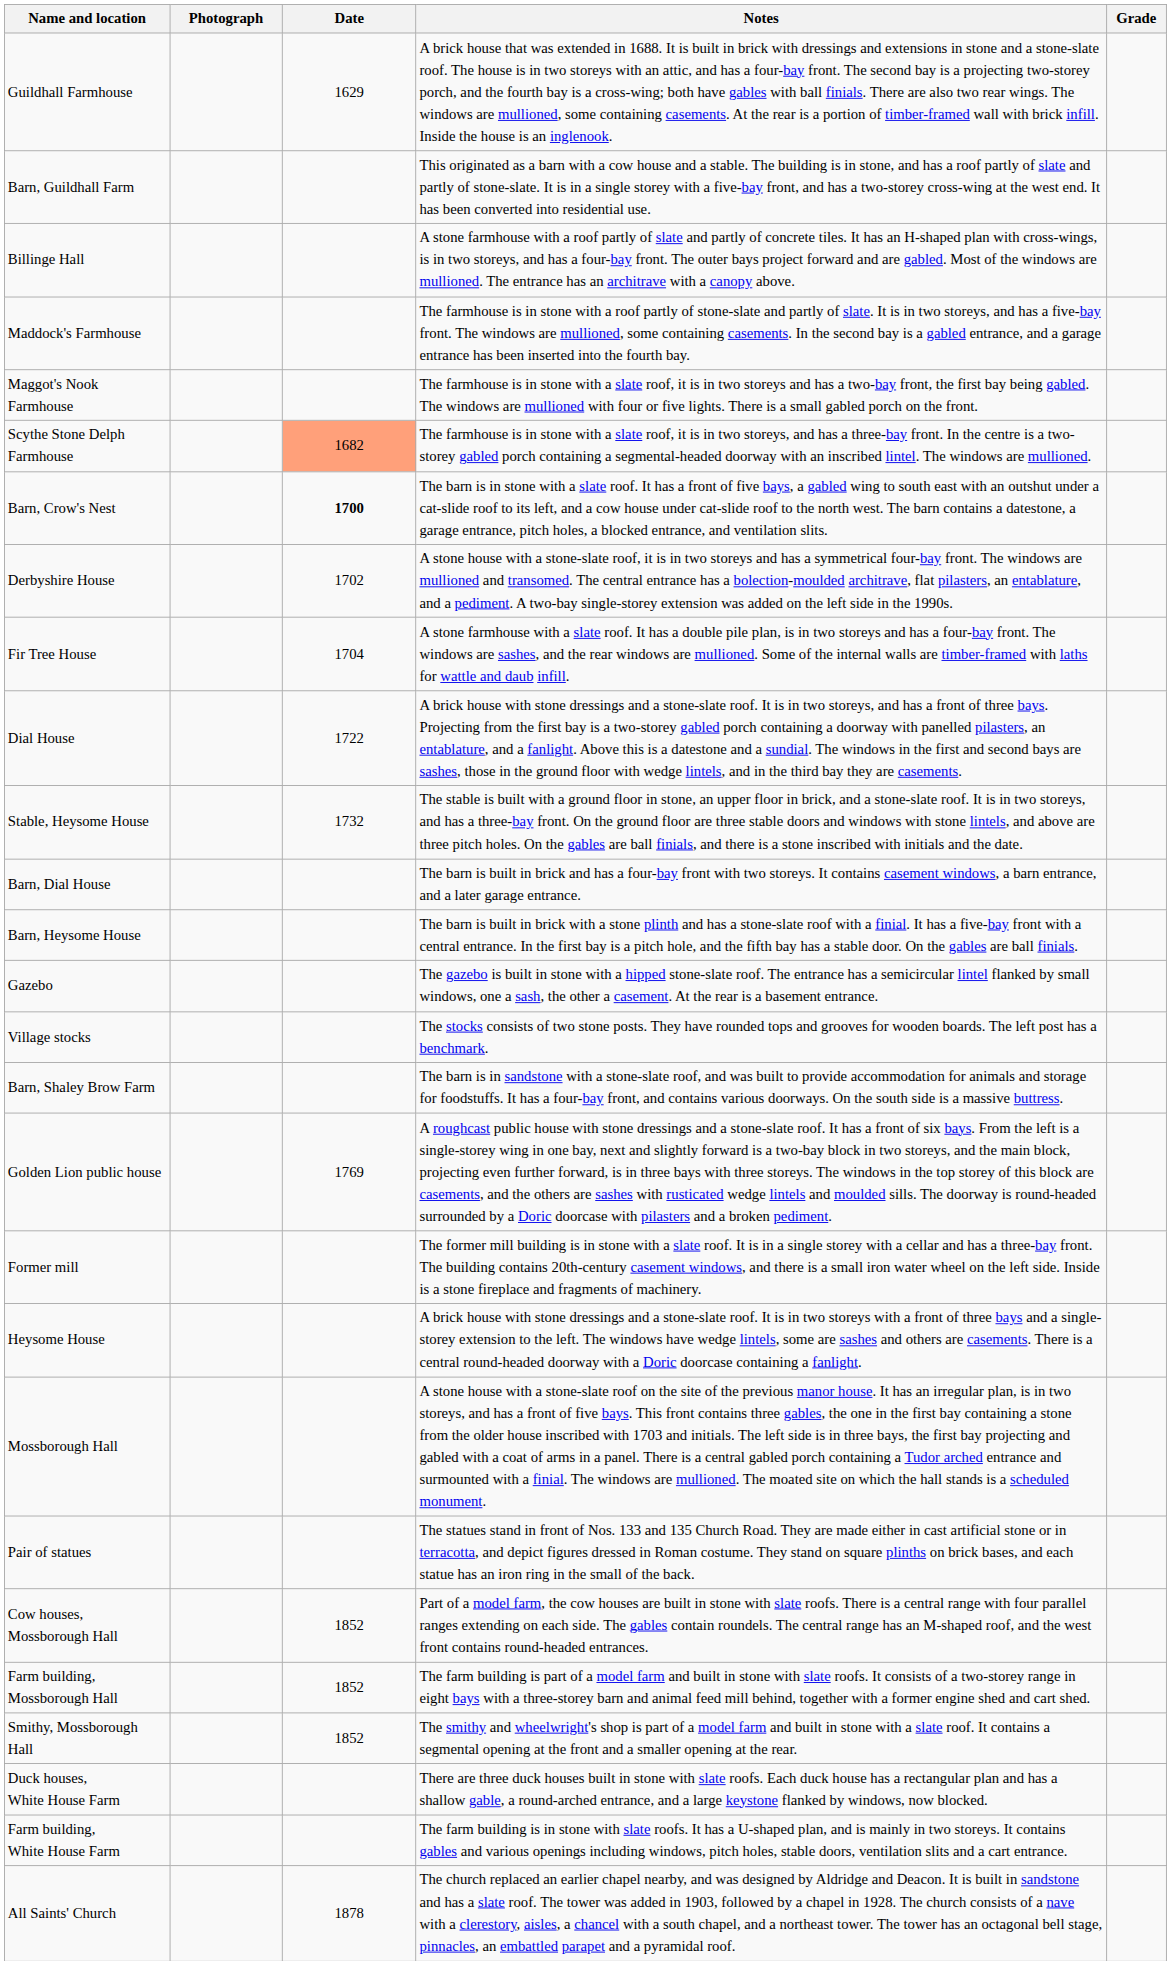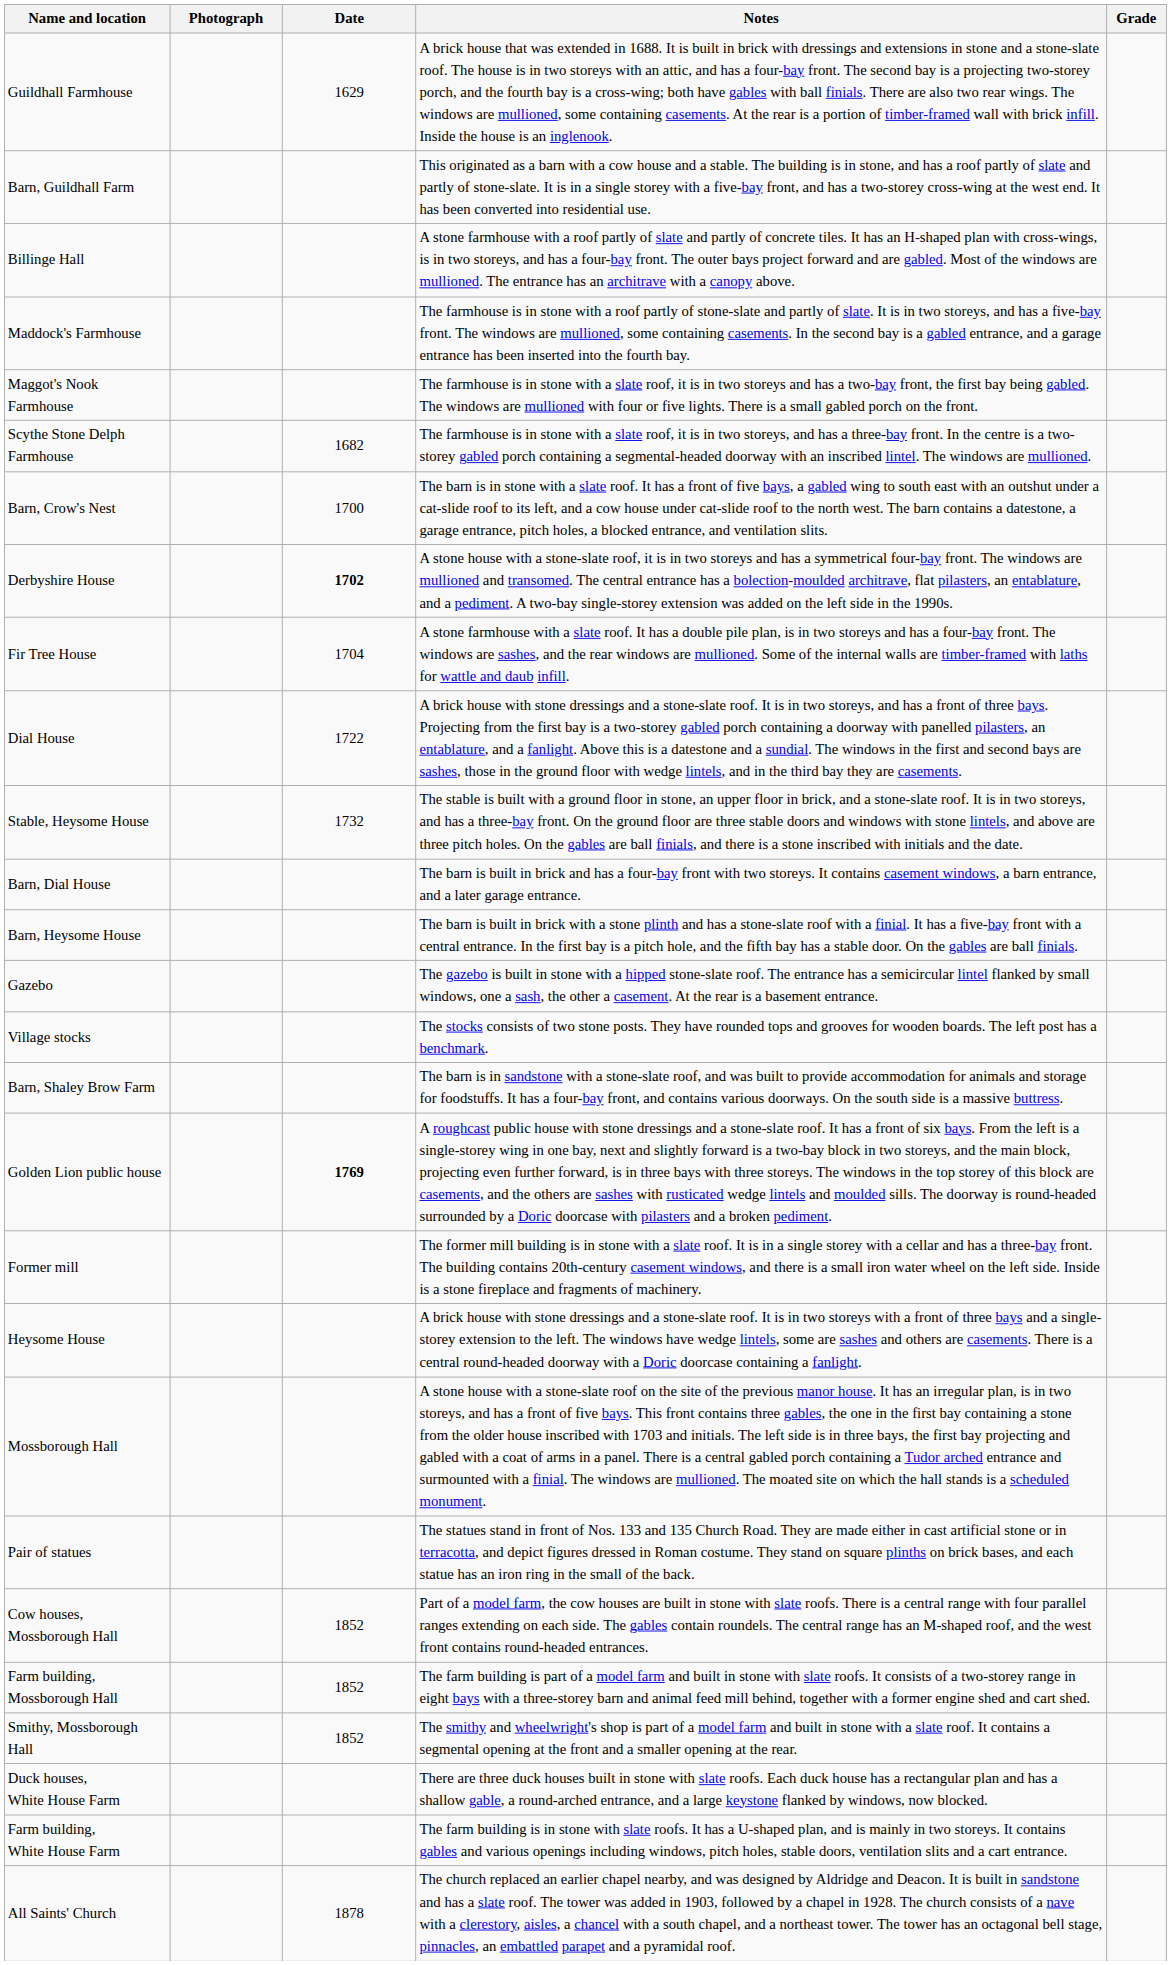 <table class="wikitable sortable plainrowheaders" style="width:100%;border:0px;text-align:left;line-height:150%;">
 <tr>
 <th scope="col"  style="width:150px">Name and location</th>
 <th scope="col"  style="width:100px" class="unsortable">Photograph</th>
 <th scope="col"  style="width:120px">Date</th>
 <th scope="col"  style="width:650px" class="unsortable">Notes</th>
 <th scope="col"  style="width:50px">Grade</th>
 </tr>
 <tr>
 <td>Guildhall Farmhouse<br><small></small></td>
 <td></td>
 <td align="center">1629</td>
 <td>A brick house that was extended in 1688.  It is built in brick with dressings and extensions in stone and a stone-slate roof.  The house is in two storeys with an attic, and has a four-<a href='#'>bay</a> front.  The second bay is a projecting two-storey porch, and the fourth bay is a cross-wing; both have <a href='#'>gables</a> with ball <a href='#'>finials</a>.  There are also two rear wings.  The windows are <a href='#'>mullioned</a>, some containing <a href='#'>casements</a>.  At the rear is a portion of <a href='#'>timber-framed</a> wall with brick <a href='#'>infill</a>.  Inside the house is an <a href='#'>inglenook</a>.</td>
 <td align="center" ></td>
 </tr>
 <tr>
 <td>Barn, Guildhall Farm<br><small></small></td>
 <td></td>
 <td align="center"></td>
 <td>This originated as a barn with a cow house and a stable.  The building is in stone, and has a roof partly of <a href='#'>slate</a> and partly of stone-slate.  It is in a single storey with a five-<a href='#'>bay</a> front, and has a two-storey cross-wing at the west end.  It has been converted into residential use.</td>
 <td align="center" ></td>
 </tr>
 <tr>
 <td>Billinge Hall<br><small></small></td>
 <td></td>
 <td align="center"></td>
 <td>A stone farmhouse with a roof partly of <a href='#'>slate</a> and partly of concrete tiles.  It has an H-shaped plan with cross-wings, is in two storeys, and has a four-<a href='#'>bay</a> front.  The outer bays project forward and are <a href='#'>gabled</a>.  Most of the windows are <a href='#'>mullioned</a>.  The entrance has an <a href='#'>architrave</a> with a <a href='#'>canopy</a> above.</td>
 <td align="center" ></td>
 </tr>
 <tr>
 <td>Maddock's Farmhouse<br><small></small></td>
 <td></td>
 <td align="center"></td>
 <td>The farmhouse is in stone with a roof partly of stone-slate and partly of <a href='#'>slate</a>.  It is in two storeys, and has a five-<a href='#'>bay</a> front.  The windows are <a href='#'>mullioned</a>, some containing <a href='#'>casements</a>.  In the second bay is a <a href='#'>gabled</a> entrance, and a garage entrance has been inserted into the fourth bay.</td>
 <td align="center" ></td>
 </tr>
 <tr>
 <td>Maggot's Nook Farmhouse<br><small></small></td>
 <td></td>
 <td align="center"></td>
 <td>The farmhouse is in stone with a <a href='#'>slate</a> roof, it is in two storeys and has a two-<a href='#'>bay</a> front, the first bay being <a href='#'>gabled</a>.  The windows are <a href='#'>mullioned</a> with four or five lights.  There is a small gabled porch on the front.</td>
 <td align="center" ></td>
 </tr>
 <tr>
 <td>Scythe Stone Delph Farmhouse<br><small></small></td>
 <td></td>
-<td align="center" style="background: lightsalmon;">1682</td>
+<td align="center">1682</td>
 <td>The farmhouse is in stone with a <a href='#'>slate</a> roof, it is in two storeys, and has a three-<a href='#'>bay</a> front.  In the centre is a two-storey <a href='#'>gabled</a> porch containing a segmental-headed doorway with an inscribed <a href='#'>lintel</a>.  The windows are <a href='#'>mullioned</a>.</td>
 <td align="center" ></td>
 </tr>
 <tr>
 <td>Barn, Crow's Nest<br><small></small></td>
 <td></td>
-<td align="center"><strong>1700</strong></td>
+<td align="center">1700</td>
 <td>The barn is in stone with a <a href='#'>slate</a> roof.  It has a front of five <a href='#'>bays</a>, a <a href='#'>gabled</a> wing to south east with an outshut under a cat-slide roof to its left, and a cow house under cat-slide roof to the north west.  The barn contains a datestone, a garage entrance, pitch holes, a blocked entrance, and ventilation slits.</td>
 <td align="center" ></td>
 </tr>
 <tr>
 <td>Derbyshire House<br><small></small></td>
 <td></td>
-<td align="center">1702</td>
+<td align="center"><strong>1702</strong></td>
 <td>A stone house with a stone-slate roof, it is in two storeys and has a symmetrical four-<a href='#'>bay</a> front.  The windows are <a href='#'>mullioned</a> and <a href='#'>transomed</a>.  The central entrance has a <a href='#'>bolection</a>-<a href='#'>moulded</a> <a href='#'>architrave</a>, flat <a href='#'>pilasters</a>, an <a href='#'>entablature</a>, and a <a href='#'>pediment</a>.  A two-bay single-storey extension was added on the left side in the 1990s.</td>
 <td align="center" ></td>
 </tr>
 <tr>
 <td>Fir Tree House<br><small></small></td>
 <td></td>
 <td align="center">1704</td>
 <td>A stone farmhouse with a <a href='#'>slate</a> roof.  It has a double pile plan, is in two storeys and has a four-<a href='#'>bay</a> front.  The windows are <a href='#'>sashes</a>, and the rear windows are <a href='#'>mullioned</a>.  Some of the internal walls are <a href='#'>timber-framed</a> with <a href='#'>laths</a> for <a href='#'>wattle and daub</a> <a href='#'>infill</a>.</td>
 <td align="center" ></td>
 </tr>
 <tr>
 <td>Dial House<br><small></small></td>
 <td></td>
 <td align="center">1722</td>
 <td>A brick house with stone dressings and a stone-slate roof.  It is in two storeys, and has a front of three <a href='#'>bays</a>.  Projecting from the first bay is a two-storey <a href='#'>gabled</a> porch containing a doorway with panelled <a href='#'>pilasters</a>, an <a href='#'>entablature</a>, and a <a href='#'>fanlight</a>.  Above this is a datestone and a <a href='#'>sundial</a>.  The windows in the first and second bays are <a href='#'>sashes</a>, those in the ground floor with wedge <a href='#'>lintels</a>, and in the third bay they are <a href='#'>casements</a>.</td>
 <td align="center" ></td>
 </tr>
 <tr>
 <td>Stable, Heysome House<br><small></small></td>
 <td></td>
 <td align="center">1732</td>
 <td>The stable is built with a ground floor in stone, an upper floor in brick, and a stone-slate roof.  It is in two storeys, and has a three-<a href='#'>bay</a> front.  On the ground floor are three stable doors and windows with stone <a href='#'>lintels</a>, and above are three pitch holes.  On the <a href='#'>gables</a> are ball <a href='#'>finials</a>, and there is a stone inscribed with initials and the date.</td>
 <td align="center" ></td>
 </tr>
 <tr>
 <td>Barn, Dial House<br><small></small></td>
 <td></td>
 <td align="center"></td>
 <td>The barn is built in brick and has a four-<a href='#'>bay</a> front with two storeys.  It contains <a href='#'>casement windows</a>, a barn entrance, and a later garage entrance.</td>
 <td align="center" ></td>
 </tr>
 <tr>
 <td>Barn, Heysome House<br><small></small></td>
 <td></td>
 <td align="center"></td>
 <td>The barn is built in brick with a stone <a href='#'>plinth</a> and has a stone-slate roof with a <a href='#'>finial</a>.  It has a five-<a href='#'>bay</a> front with a central entrance.  In the first bay is a pitch hole, and the fifth bay has a stable door.  On the <a href='#'>gables</a> are ball <a href='#'>finials</a>.</td>
 <td align="center" ></td>
 </tr>
 <tr>
 <td>Gazebo<br><small></small></td>
 <td></td>
 <td align="center"></td>
 <td>The <a href='#'>gazebo</a> is built in stone with a <a href='#'>hipped</a> stone-slate roof.  The entrance has a semicircular <a href='#'>lintel</a> flanked by small windows, one a <a href='#'>sash</a>, the other a <a href='#'>casement</a>.  At the rear is a basement entrance.</td>
 <td align="center" ></td>
 </tr>
 <tr>
 <td>Village stocks<br><small></small></td>
 <td></td>
 <td align="center"></td>
 <td>The <a href='#'>stocks</a> consists of two stone posts.  They have rounded tops and grooves for wooden boards.  The left post has a <a href='#'>benchmark</a>.</td>
 <td align="center" ></td>
 </tr>
 <tr>
 <td>Barn, Shaley Brow Farm<br><small></small></td>
 <td></td>
 <td align="center"></td>
 <td>The barn is in <a href='#'>sandstone</a> with a stone-slate roof, and was built to provide accommodation for animals and storage for foodstuffs.  It has a four-<a href='#'>bay</a> front, and contains various doorways.  On the south side is a massive <a href='#'>buttress</a>.</td>
 <td align="center" ></td>
 </tr>
 <tr>
 <td>Golden Lion public house<br><small></small></td>
 <td></td>
-<td align="center">1769</td>
+<td align="center"><strong>1769</strong></td>
 <td>A <a href='#'>roughcast</a> public house with stone dressings and a stone-slate roof.  It has a front of six <a href='#'>bays</a>.  From the left is a single-storey wing in one bay, next and slightly forward is a two-bay block in two storeys, and the main block, projecting even further forward, is in three bays with three storeys.  The windows in the top storey of this block are <a href='#'>casements</a>, and the others are <a href='#'>sashes</a> with <a href='#'>rusticated</a> wedge <a href='#'>lintels</a> and <a href='#'>moulded</a> sills.  The doorway is round-headed surrounded by a <a href='#'>Doric</a> doorcase with <a href='#'>pilasters</a> and a broken <a href='#'>pediment</a>.</td>
 <td align="center" ></td>
 </tr>
 <tr>
 <td>Former mill<br><small></small></td>
 <td></td>
 <td align="center"></td>
 <td>The former mill building is in stone with a <a href='#'>slate</a> roof.  It is in a single storey with a cellar and has a three-<a href='#'>bay</a> front.  The building contains 20th-century <a href='#'>casement windows</a>, and there is a small iron water wheel on the left side.  Inside is a stone fireplace and fragments of machinery.</td>
 <td align="center" ></td>
 </tr>
 <tr>
 <td>Heysome House<br><small></small></td>
 <td></td>
 <td align="center"></td>
 <td>A brick house with stone dressings and a stone-slate roof.  It is in two storeys with a front of three <a href='#'>bays</a> and a single-storey extension to the left.  The windows have wedge <a href='#'>lintels</a>, some are <a href='#'>sashes</a> and others are <a href='#'>casements</a>.  There is a central round-headed doorway with a <a href='#'>Doric</a> doorcase containing a <a href='#'>fanlight</a>.</td>
 <td align="center" ></td>
 </tr>
 <tr>
 <td>Mossborough Hall<br><small></small></td>
 <td></td>
 <td align="center"></td>
 <td>A stone house with a stone-slate roof on the site of the previous <a href='#'>manor house</a>.  It has an irregular plan, is in two storeys, and has a front of five <a href='#'>bays</a>.  This front contains three <a href='#'>gables</a>, the one in the first bay containing a stone from the older house inscribed with 1703 and initials.  The left side is in three bays, the first bay projecting and gabled with a coat of arms in a panel.  There is a central gabled porch containing a <a href='#'>Tudor arched</a> entrance and surmounted with a <a href='#'>finial</a>.  The windows are <a href='#'>mullioned</a>.  The moated site on which the hall stands is a <a href='#'>scheduled monument</a>.</td>
 <td align="center" ></td>
 </tr>
 <tr>
 <td>Pair of statues<br><small></small></td>
 <td></td>
 <td align="center"></td>
 <td>The statues stand in front of Nos. 133 and 135 Church Road.  They are made either in cast artificial stone or in <a href='#'>terracotta</a>, and depict figures dressed in Roman costume.  They stand on square <a href='#'>plinths</a> on brick bases, and each statue has an iron ring in the small of the back.</td>
 <td align="center" ></td>
 </tr>
 <tr>
 <td>Cow houses,<br>Mossborough Hall<br><small></small></td>
 <td></td>
 <td align="center">1852</td>
 <td>Part of a <a href='#'>model farm</a>, the cow houses are built in stone with <a href='#'>slate</a> roofs.  There is a central range with four parallel ranges extending on each side.  The <a href='#'>gables</a> contain roundels.  The central range has an M-shaped roof, and the west front contains round-headed entrances.</td>
 <td align="center" ></td>
 </tr>
 <tr>
 <td>Farm building,<br>Mossborough Hall<br><small></small></td>
 <td></td>
 <td align="center">1852</td>
 <td>The farm building is part of a <a href='#'>model farm</a> and built in stone with <a href='#'>slate</a> roofs.  It consists of a two-storey range in eight <a href='#'>bays</a> with a three-storey barn and animal feed mill behind, together with a former engine shed and cart shed.</td>
 <td align="center" ></td>
 </tr>
 <tr>
 <td>Smithy, Mossborough Hall<br><small></small></td>
 <td></td>
 <td align="center">1852</td>
 <td>The <a href='#'>smithy</a> and <a href='#'>wheelwright</a>'s shop is part of a <a href='#'>model farm</a> and built in stone with a <a href='#'>slate</a> roof.  It contains a segmental opening at the front and a smaller opening at the rear.</td>
 <td align="center" ></td>
 </tr>
 <tr>
 <td>Duck houses,<br>White House Farm<br><small></small></td>
 <td></td>
 <td align="center"></td>
 <td>There are three duck houses built in stone with <a href='#'>slate</a> roofs.  Each duck house has a rectangular plan and has a shallow <a href='#'>gable</a>, a round-arched entrance, and a large <a href='#'>keystone</a> flanked by windows, now blocked.</td>
 <td align="center" ></td>
 </tr>
 <tr>
 <td>Farm building,<br>White House Farm<br><small></small></td>
 <td></td>
 <td align="center"></td>
 <td>The farm building is in stone with <a href='#'>slate</a> roofs.  It has a U-shaped plan, and is mainly in two storeys.  It contains <a href='#'>gables</a> and various openings including windows, pitch holes, stable doors, ventilation slits and a cart entrance.</td>
 <td align="center" ></td>
 </tr>
 <tr>
 <td>All Saints' Church<br><small></small></td>
 <td></td>
 <td align="center">1878</td>
 <td>The church replaced an earlier chapel nearby, and was designed by Aldridge and Deacon.  It is built in <a href='#'>sandstone</a> and has a <a href='#'>slate</a> roof.  The tower was added in 1903, followed by a chapel in 1928.  The church consists of a <a href='#'>nave</a> with a <a href='#'>clerestory</a>, <a href='#'>aisles</a>, a <a href='#'>chancel</a> with a south chapel, and a northeast tower.  The tower has an octagonal bell stage, <a href='#'>pinnacles</a>, an <a href='#'>embattled</a> <a href='#'>parapet</a> and a pyramidal roof.</td>
 <td align="center" ></td>
 </tr>
 <tr>
 </tr>
 </table>
